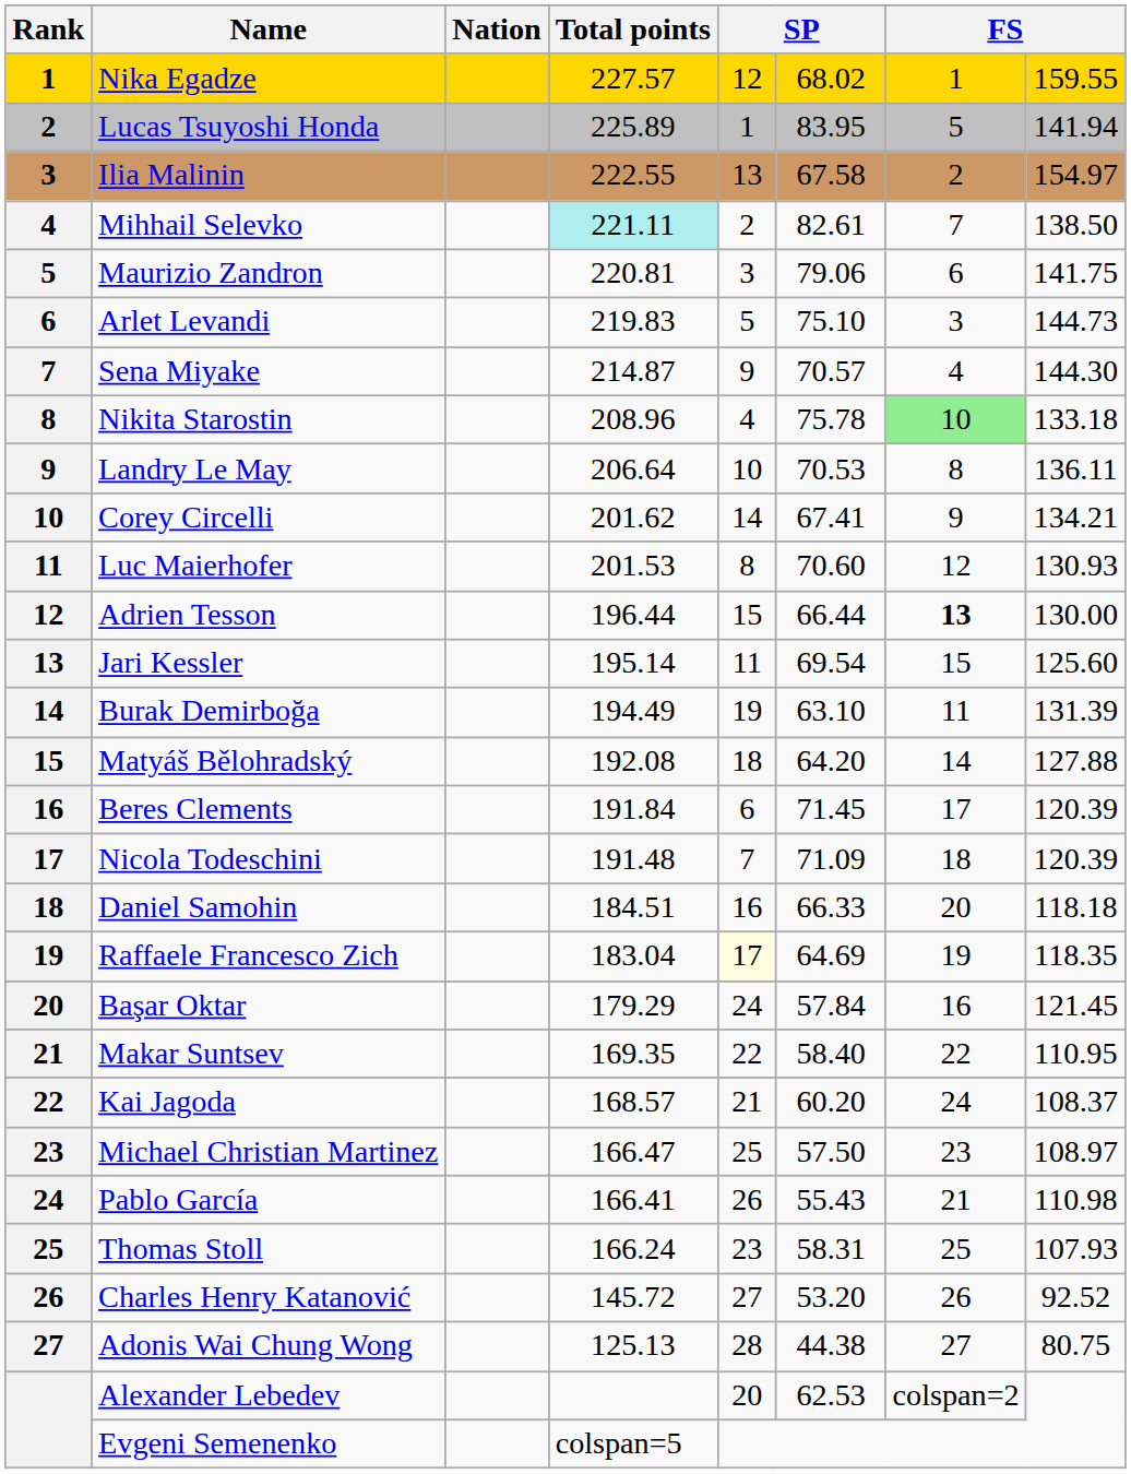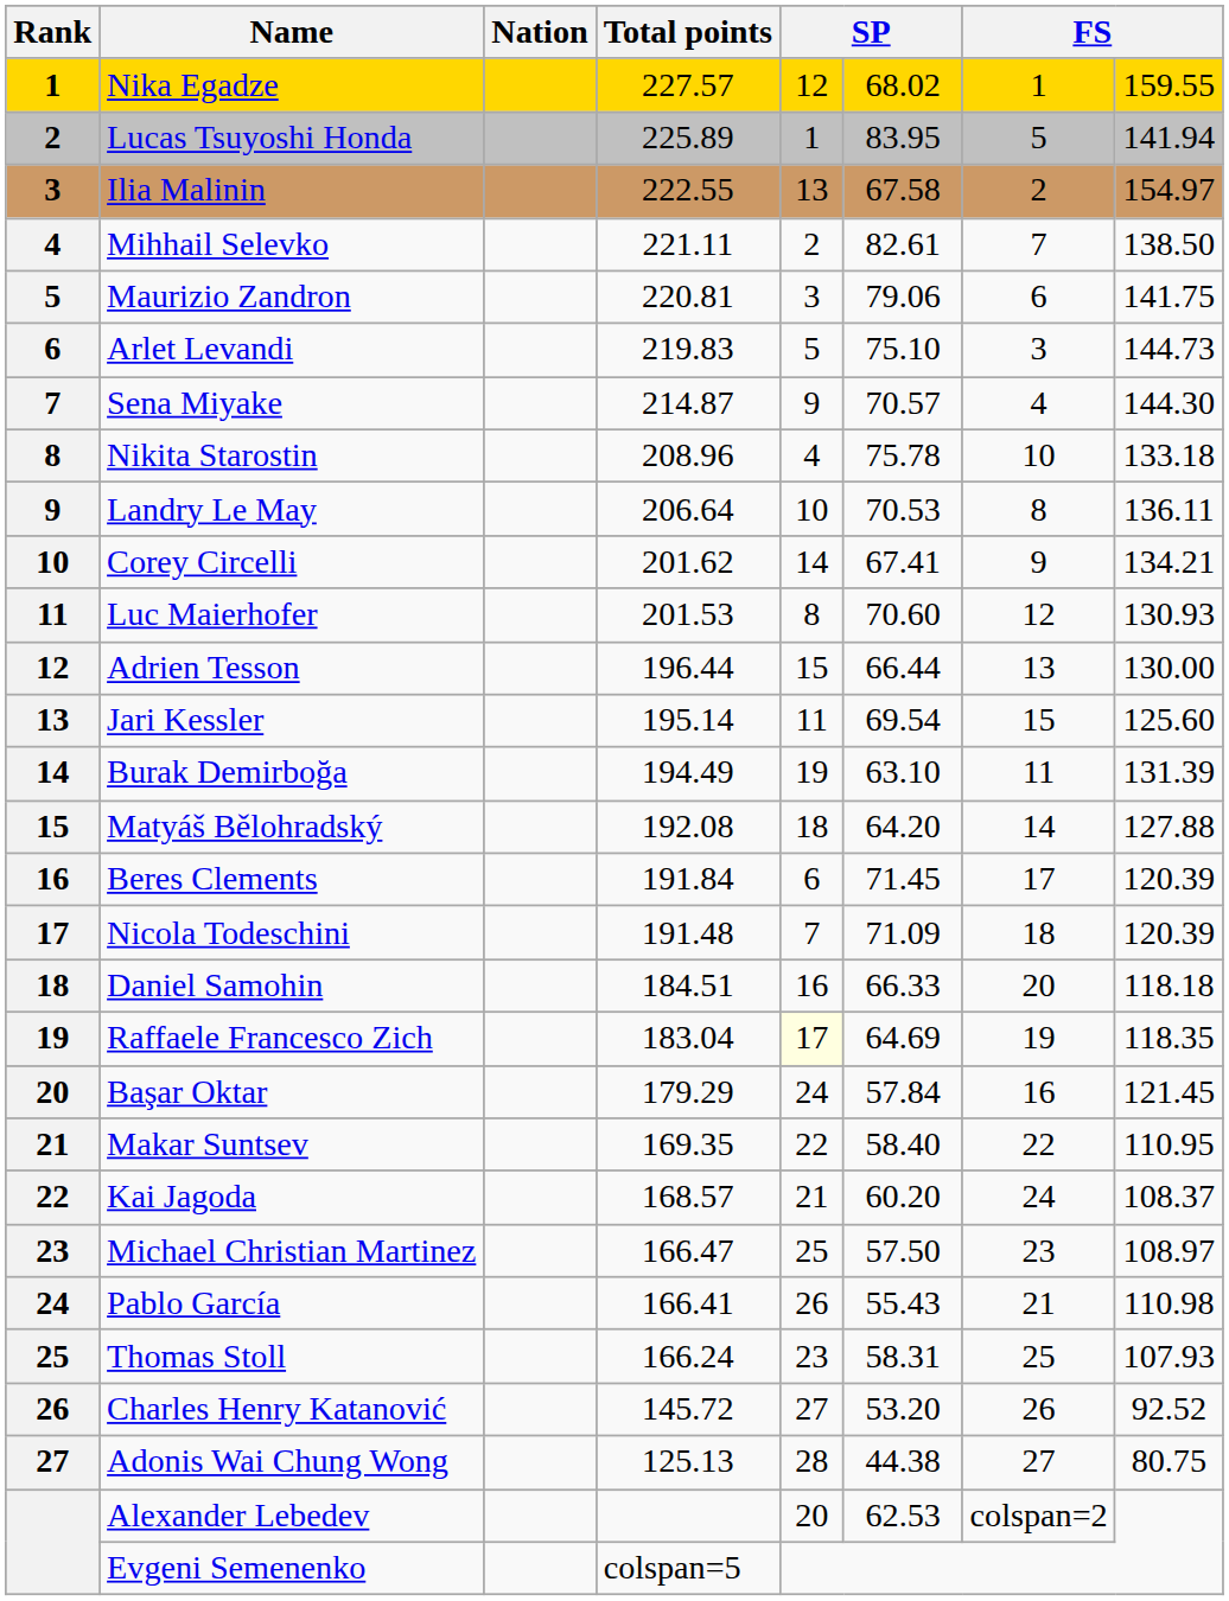 <table class="wikitable sortable">
 <tr>
 <th>Rank</th>
 <th>Name</th>
 <th>Nation</th>
 <th>Total points</th>
 <th colspan="2" width="80px"><a href='#'>SP</a></th>
 <th colspan="2" width="80px"><a href='#'>FS</a></th>
 </tr>
 <tr bgcolor="gold">
 <td align="center"><strong>1</strong></td>
 <td><a href='#'>Nika Egadze</a></td>
 <td></td>
 <td align="center">227.57</td>
 <td align="center">12</td>
 <td align="center">68.02</td>
 <td align="center">1</td>
 <td align="center">159.55</td>
 </tr>
 <tr bgcolor="silver">
 <td align="center"><strong>2</strong></td>
 <td><a href='#'>Lucas Tsuyoshi Honda</a></td>
 <td></td>
 <td align="center">225.89</td>
 <td align="center">1</td>
 <td align="center">83.95</td>
 <td align="center">5</td>
 <td align="center">141.94</td>
 </tr>
 <tr bgcolor="cc9966">
 <td align="center"><strong>3</strong></td>
 <td><a href='#'>Ilia Malinin</a></td>
 <td></td>
 <td align="center">222.55</td>
 <td align="center">13</td>
 <td align="center">67.58</td>
 <td align="center">2</td>
 <td align="center">154.97</td>
 </tr>
 <tr>
 <th>4</th>
 <td><a href='#'>Mihhail Selevko</a></td>
 <td></td>
-<td align="center" style="background: paleturquoise;">221.11</td>
+<td align="center">221.11</td>
 <td align="center">2</td>
 <td align="center">82.61</td>
 <td align="center">7</td>
 <td align="center">138.50</td>
 </tr>
 <tr>
 <th>5</th>
 <td><a href='#'>Maurizio Zandron</a></td>
 <td></td>
 <td align="center">220.81</td>
 <td align="center">3</td>
 <td align="center">79.06</td>
 <td align="center">6</td>
 <td align="center">141.75</td>
 </tr>
 <tr>
 <th>6</th>
 <td><a href='#'>Arlet Levandi</a></td>
 <td></td>
 <td align="center">219.83</td>
 <td align="center">5</td>
 <td align="center">75.10</td>
 <td align="center">3</td>
 <td align="center">144.73</td>
 </tr>
 <tr>
 <th>7</th>
 <td><a href='#'>Sena Miyake</a></td>
 <td></td>
 <td align="center">214.87</td>
 <td align="center">9</td>
 <td align="center">70.57</td>
 <td align="center">4</td>
 <td align="center">144.30</td>
 </tr>
 <tr>
 <th>8</th>
 <td><a href='#'>Nikita Starostin</a></td>
 <td></td>
 <td align="center">208.96</td>
 <td align="center">4</td>
 <td align="center">75.78</td>
-<td align="center" style="background: lightgreen;">10</td>
+<td align="center">10</td>
 <td align="center">133.18</td>
 </tr>
 <tr>
 <th>9</th>
 <td><a href='#'>Landry Le May</a></td>
 <td></td>
 <td align="center">206.64</td>
 <td align="center">10</td>
 <td align="center">70.53</td>
 <td align="center">8</td>
 <td align="center">136.11</td>
 </tr>
 <tr>
 <th>10</th>
 <td><a href='#'>Corey Circelli</a></td>
 <td></td>
 <td align="center">201.62</td>
 <td align="center">14</td>
 <td align="center">67.41</td>
 <td align="center">9</td>
 <td align="center">134.21</td>
 </tr>
 <tr>
 <th>11</th>
 <td><a href='#'>Luc Maierhofer</a></td>
 <td></td>
 <td align="center">201.53</td>
 <td align="center">8</td>
 <td align="center">70.60</td>
 <td align="center">12</td>
 <td align="center">130.93</td>
 </tr>
 <tr>
 <th>12</th>
 <td><a href='#'>Adrien Tesson</a></td>
 <td></td>
 <td align="center">196.44</td>
 <td align="center">15</td>
 <td align="center">66.44</td>
-<td align="center"><strong>13</strong></td>
+<td align="center">13</td>
 <td align="center">130.00</td>
 </tr>
 <tr>
 <th>13</th>
 <td><a href='#'>Jari Kessler</a></td>
 <td></td>
 <td align="center">195.14</td>
 <td align="center">11</td>
 <td align="center">69.54</td>
 <td align="center">15</td>
 <td align="center">125.60</td>
 </tr>
 <tr>
 <th>14</th>
 <td><a href='#'>Burak Demirboğa</a></td>
 <td></td>
 <td align="center">194.49</td>
 <td align="center">19</td>
 <td align="center">63.10</td>
 <td align="center">11</td>
 <td align="center">131.39</td>
 </tr>
 <tr>
 <th>15</th>
 <td><a href='#'>Matyáš Bělohradský</a></td>
 <td></td>
 <td align="center">192.08</td>
 <td align="center">18</td>
 <td align="center">64.20</td>
 <td align="center">14</td>
 <td align="center">127.88</td>
 </tr>
 <tr>
 <th>16</th>
 <td><a href='#'>Beres Clements</a></td>
 <td></td>
 <td align="center">191.84</td>
 <td align="center">6</td>
 <td align="center">71.45</td>
 <td align="center">17</td>
 <td align="center">120.39</td>
 </tr>
 <tr>
 <th>17</th>
 <td><a href='#'>Nicola Todeschini</a></td>
 <td></td>
 <td align="center">191.48</td>
 <td align="center">7</td>
 <td align="center">71.09</td>
 <td align="center">18</td>
 <td align="center">120.39</td>
 </tr>
 <tr>
 <th>18</th>
 <td><a href='#'>Daniel Samohin</a></td>
 <td></td>
 <td align="center">184.51</td>
 <td align="center">16</td>
 <td align="center">66.33</td>
 <td align="center">20</td>
 <td align="center">118.18</td>
 </tr>
 <tr>
 <th>19</th>
 <td><a href='#'>Raffaele Francesco Zich</a></td>
 <td></td>
 <td align="center">183.04</td>
 <td align="center" style="background: lightyellow;">17</td>
 <td align="center">64.69</td>
 <td align="center">19</td>
 <td align="center">118.35</td>
 </tr>
 <tr>
 <th>20</th>
 <td><a href='#'>Başar Oktar</a></td>
 <td></td>
 <td align="center">179.29</td>
 <td align="center">24</td>
 <td align="center">57.84</td>
 <td align="center">16</td>
 <td align="center">121.45</td>
 </tr>
 <tr>
 <th>21</th>
 <td><a href='#'>Makar Suntsev</a></td>
 <td></td>
 <td align="center">169.35</td>
 <td align="center">22</td>
 <td align="center">58.40</td>
 <td align="center">22</td>
 <td align="center">110.95</td>
 </tr>
 <tr>
 <th>22</th>
 <td><a href='#'>Kai Jagoda</a></td>
 <td></td>
 <td align="center">168.57</td>
 <td align="center">21</td>
 <td align="center">60.20</td>
 <td align="center">24</td>
 <td align="center">108.37</td>
 </tr>
 <tr>
 <th>23</th>
 <td><a href='#'>Michael Christian Martinez</a></td>
 <td></td>
 <td align="center">166.47</td>
 <td align="center">25</td>
 <td align="center">57.50</td>
 <td align="center">23</td>
 <td align="center">108.97</td>
 </tr>
 <tr>
 <th>24</th>
 <td><a href='#'>Pablo García</a></td>
 <td></td>
 <td align="center">166.41</td>
 <td align="center">26</td>
 <td align="center">55.43</td>
 <td align="center">21</td>
 <td align="center">110.98</td>
 </tr>
 <tr>
 <th>25</th>
 <td><a href='#'>Thomas Stoll</a></td>
 <td></td>
 <td align="center">166.24</td>
 <td align="center">23</td>
 <td align="center">58.31</td>
 <td align="center">25</td>
 <td align="center">107.93</td>
 </tr>
 <tr>
 <th>26</th>
 <td><a href='#'>Charles Henry Katanović</a></td>
 <td></td>
 <td align="center">145.72</td>
 <td align="center">27</td>
 <td align="center">53.20</td>
 <td align="center">26</td>
 <td align="center">92.52</td>
 </tr>
 <tr>
 <th>27</th>
 <td><a href='#'>Adonis Wai Chung Wong</a></td>
 <td></td>
 <td align="center">125.13</td>
 <td align="center">28</td>
 <td align="center">44.38</td>
 <td align="center">27</td>
 <td align="center">80.75</td>
 </tr>
 <tr>
 <th rowspan="2"></th>
 <td><a href='#'>Alexander Lebedev</a></td>
 <td></td>
 <td></td>
 <td align="center">20</td>
 <td align="center">62.53</td>
 <td>colspan=2 </td>
 </tr>
 <tr>
 <td><a href='#'>Evgeni Semenenko</a></td>
 <td></td>
 <td>colspan=5 </td>
 </tr>
 </table>
